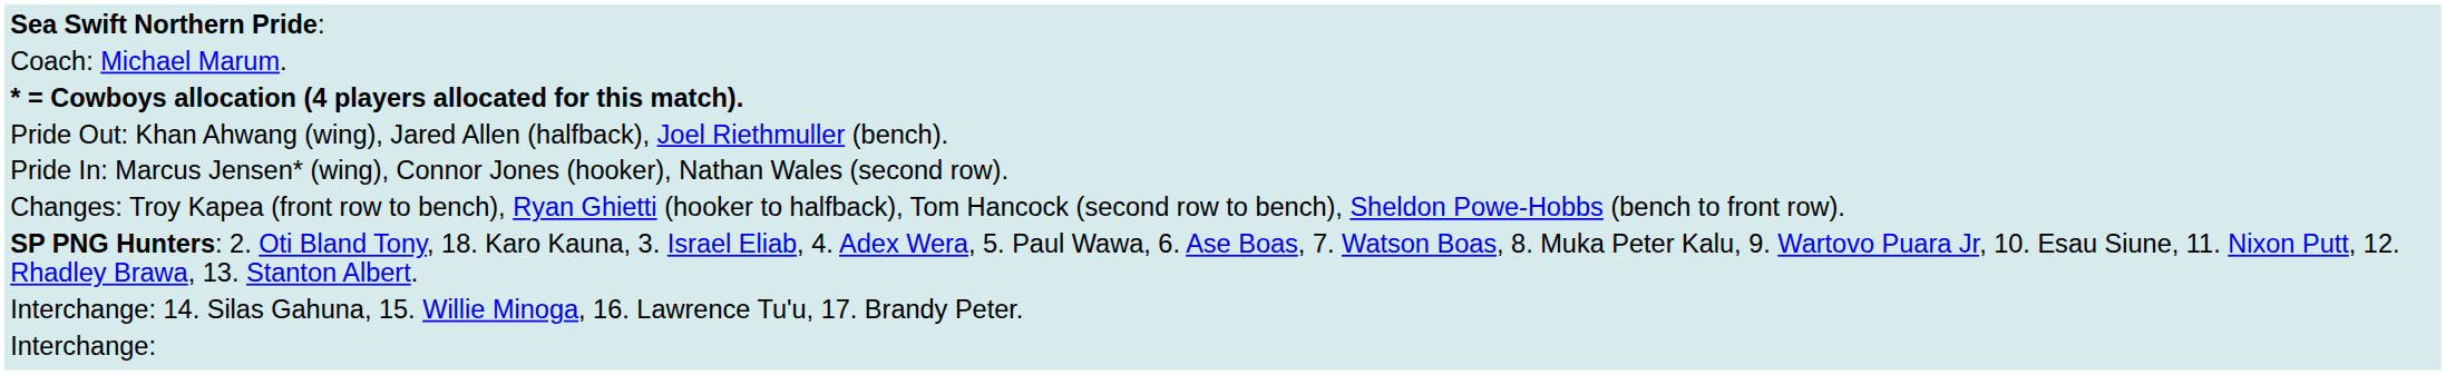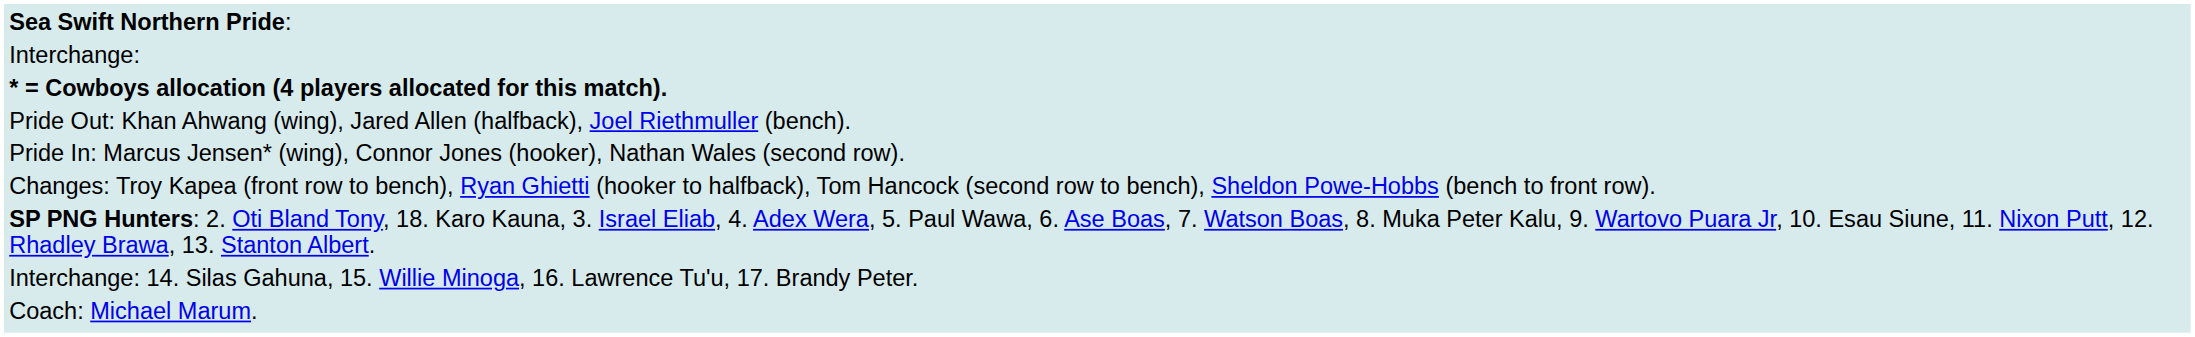 <table style="background:#d7ebed; font-size:85%; width:100%;">
 <tr>
 <td><strong>Sea Swift Northern Pride</strong>:             </td>
 </tr>
 <tr>
-<td>Coach: <a href='#'>Michael Marum</a>.</td>
+<td>Interchange:    </td>
 </tr>
 <tr>
 <td><strong>* = Cowboys allocation (4 players allocated for this match).</strong></td>
 </tr>
 <tr>
 <td>Pride Out: Khan Ahwang (wing), Jared Allen (halfback), <a href='#'>Joel Riethmuller</a> (bench).</td>
 </tr>
 <tr>
 <td>Pride In: Marcus Jensen* (wing), Connor Jones (hooker), Nathan Wales (second row).</td>
 </tr>
 <tr>
 <td>Changes: Troy Kapea (front row to bench), <a href='#'>Ryan Ghietti</a> (hooker to halfback), Tom Hancock (second row to bench), <a href='#'>Sheldon Powe-Hobbs</a> (bench to front row).</td>
 </tr>
 <tr>
 <td><strong>SP PNG Hunters</strong>: 2. <a href='#'>Oti Bland Tony</a>, 18. Karo Kauna, 3. <a href='#'>Israel Eliab</a>, 4. <a href='#'>Adex Wera</a>, 5. Paul Wawa, 6. <a href='#'>Ase Boas</a>, 7. <a href='#'>Watson Boas</a>, 8. Muka Peter Kalu, 9. <a href='#'>Wartovo Puara Jr</a>, 10. Esau Siune, 11. <a href='#'>Nixon Putt</a>, 12. <a href='#'>Rhadley Brawa</a>, 13. <a href='#'>Stanton Albert</a>.</td>
 </tr>
 <tr>
 <td>Interchange: 14. Silas Gahuna, 15. <a href='#'>Willie Minoga</a>, 16. Lawrence Tu'u, 17. Brandy Peter.</td>
 </tr>
 <tr>
-<td>Interchange:    </td>
+<td>Coach: <a href='#'>Michael Marum</a>.</td>
 </tr>
 <tr>
 </tr>
 </table>
